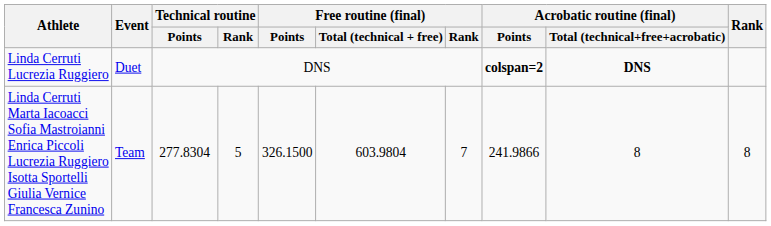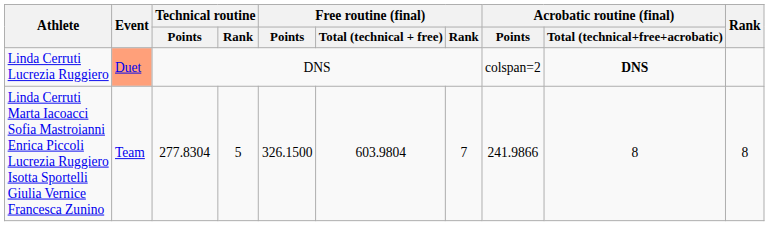 <table class="wikitable" style="font-size:90%">
 <tr>
 <th rowspan="2">Athlete</th>
 <th rowspan="2">Event</th>
 <th colspan=2>Technical routine</th>
 <th colspan=3>Free routine (final)</th>
 <th colspan="2">Acrobatic routine (final)</th>
 <th rowspan="2">Rank</th>
 </tr>
 <tr style="font-size:95%">
 <th>Points</th>
 <th>Rank</th>
 <th>Points</th>
 <th>Total (technical + free)</th>
 <th>Rank</th>
 <th>Points</th>
 <th>Total (technical+free+acrobatic)</th>
 </tr>
 <tr align=center>
 <td align=left><a href='#'>Linda Cerruti</a><br><a href='#'>Lucrezia Ruggiero</a></td>
-<td align=left><a href='#'>Duet</a></td>
+<td align=left style="background: lightsalmon;"><a href='#'>Duet</a></td>
 <td colspan=5>DNS</td>
-<td><strong>colspan=2 </strong></td>
+<td>colspan=2 </td>
 <td><strong>DNS</strong></td>
 </tr>
 <tr align=center>
 <td align=left><a href='#'>Linda Cerruti</a><br><a href='#'>Marta Iacoacci</a><br><a href='#'>Sofia Mastroianni</a><br><a href='#'>Enrica Piccoli</a><br><a href='#'>Lucrezia Ruggiero</a><br><a href='#'>Isotta Sportelli</a><br><a href='#'>Giulia Vernice</a><br><a href='#'>Francesca Zunino</a></td>
 <td align=left><a href='#'>Team</a></td>
 <td>277.8304</td>
 <td>5</td>
 <td>326.1500</td>
 <td>603.9804</td>
 <td>7</td>
 <td>241.9866</td>
 <td>8</td>
 <td>8</td>
 </tr>
 </table>
